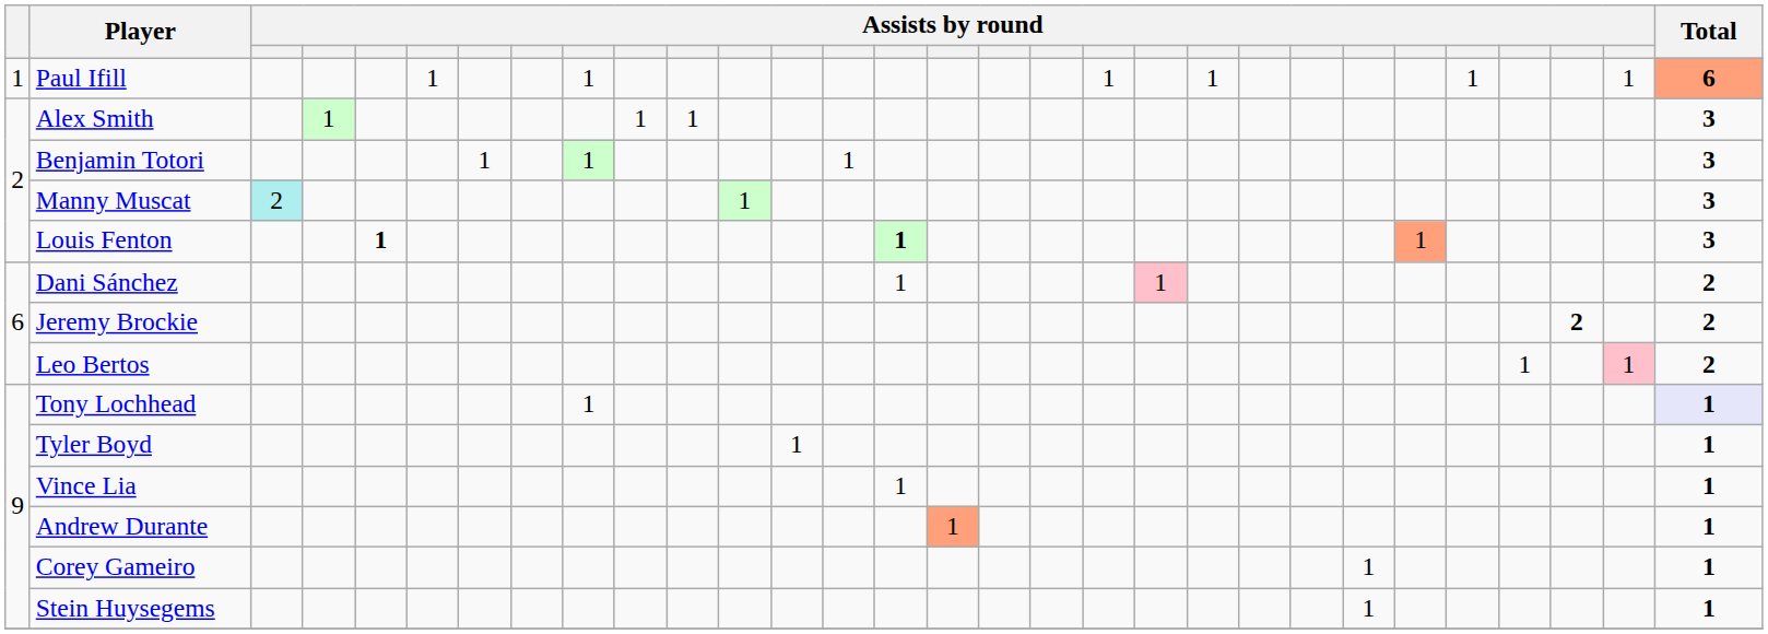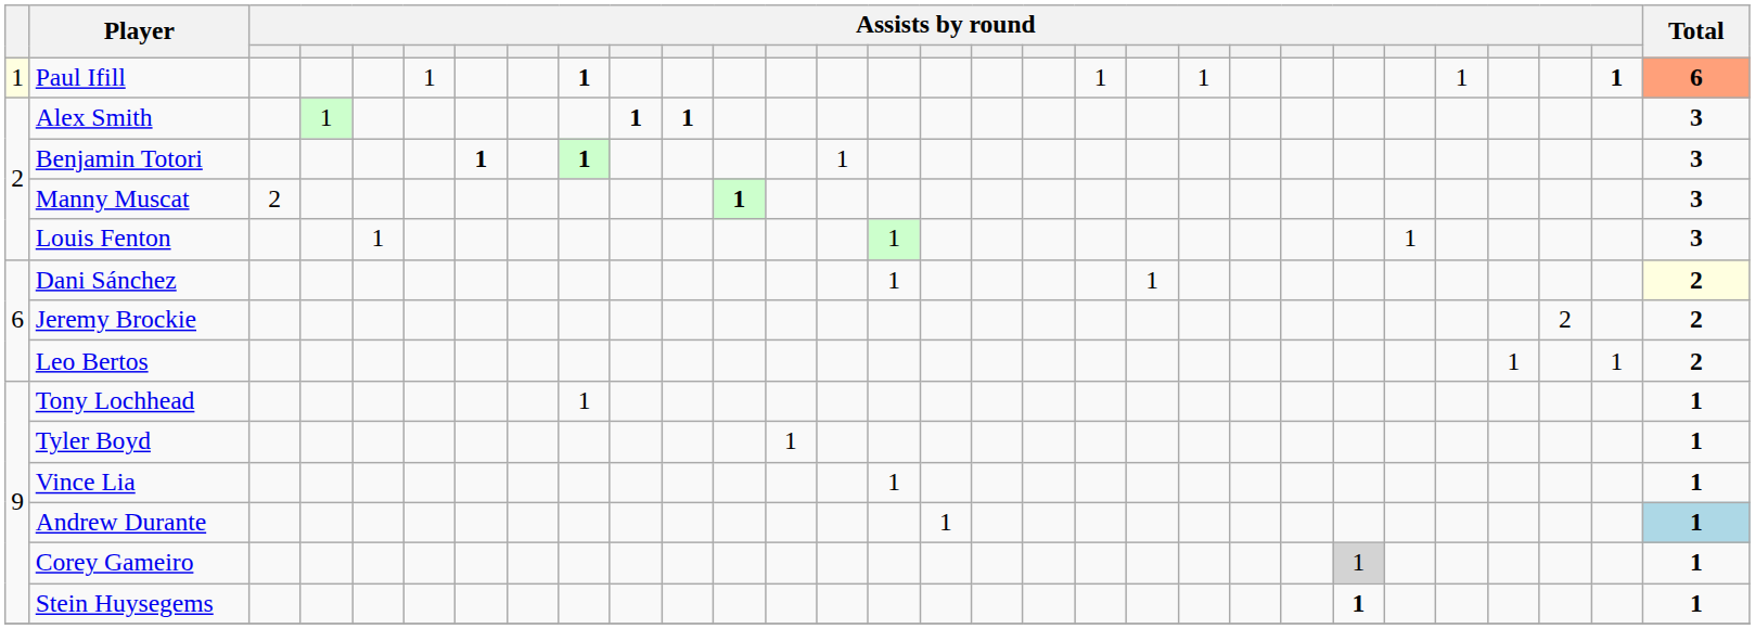 <table class="wikitable" style="text-align:center">
 <tr>
 <th rowspan=2></th>
 <th rowspan=2 width=130>Player</th>
 <th colspan=27>Assists by round</th>
 <th rowspan=2 colspan=2 width=60>Total</th>
 </tr>
 <tr>
 <th width=25></th>
 <th width=25></th>
 <th width=25></th>
 <th width=25></th>
 <th width=25></th>
 <th width=25></th>
 <th width=25></th>
 <th width=25></th>
 <th width=25></th>
 <th width=25></th>
 <th width=25></th>
 <th width=25></th>
 <th width=25></th>
 <th width=25></th>
 <th width=25></th>
 <th width=25></th>
 <th width=25></th>
 <th width=25></th>
 <th width=25></th>
 <th width=25></th>
 <th width=25></th>
 <th width=25></th>
 <th width=25></th>
 <th width=25></th>
 <th width=25></th>
 <th width=25></th>
 <th width=25></th>
 </tr>
 <tr>
-<td>1</td>
+<td style="background: lightyellow;">1</td>
 <td align=left height=17> <a href='#'>Paul Ifill</a></td>
 <td></td>
 <td></td>
 <td></td>
 <td>1</td>
 <td></td>
 <td></td>
-<td>1</td>
+<td><strong>1</strong></td>
 <td></td>
 <td></td>
 <td></td>
 <td></td>
 <td></td>
 <td></td>
 <td></td>
 <td></td>
 <td></td>
 <td>1</td>
 <td></td>
 <td>1</td>
 <td></td>
 <td></td>
 <td></td>
 <td></td>
 <td>1</td>
 <td></td>
 <td></td>
-<td>1</td>
+<td><strong>1</strong></td>
 <td style="background: lightsalmon;"><strong>6</strong></td>
 </tr>
 <tr>
 <td rowspan=4>2</td>
 <td align=left height=17> <a href='#'>Alex Smith</a></td>
 <td></td>
 <td bgcolor=#CCFFCC>1</td>
 <td></td>
 <td></td>
 <td></td>
 <td></td>
 <td></td>
-<td>1</td>
-<td>1</td>
+<td><strong>1</strong></td>
+<td><strong>1</strong></td>
 <td></td>
 <td></td>
 <td></td>
 <td></td>
 <td></td>
 <td></td>
 <td></td>
 <td></td>
 <td></td>
 <td></td>
 <td></td>
 <td></td>
 <td></td>
 <td></td>
 <td></td>
 <td></td>
 <td></td>
 <td></td>
 <td><strong>3</strong></td>
 </tr>
 <tr>
 <td align=left height=17> <a href='#'>Benjamin Totori</a></td>
 <td></td>
 <td></td>
 <td></td>
 <td></td>
-<td>1</td>
+<td><strong>1</strong></td>
 <td></td>
-<td bgcolor=#CCFFCC>1</td>
+<td bgcolor=#CCFFCC><strong>1</strong></td>
 <td></td>
 <td></td>
 <td></td>
 <td></td>
 <td>1</td>
 <td></td>
 <td></td>
 <td></td>
 <td></td>
 <td></td>
 <td></td>
 <td></td>
 <td></td>
 <td></td>
 <td></td>
 <td></td>
 <td></td>
 <td></td>
 <td></td>
 <td></td>
 <td><strong>3</strong></td>
 </tr>
 <tr>
 <td align=left height=17> <a href='#'>Manny Muscat</a></td>
-<td style="background: paleturquoise;">2</td>
+<td>2</td>
 <td></td>
 <td></td>
 <td></td>
 <td></td>
 <td></td>
 <td></td>
 <td></td>
 <td></td>
-<td bgcolor=#CCFFCC>1</td>
+<td bgcolor=#CCFFCC><strong>1</strong></td>
 <td></td>
 <td></td>
 <td></td>
 <td></td>
 <td></td>
 <td></td>
 <td></td>
 <td></td>
 <td></td>
 <td></td>
 <td></td>
 <td></td>
 <td></td>
 <td></td>
 <td></td>
 <td></td>
 <td></td>
 <td><strong>3</strong></td>
 </tr>
 <tr>
 <td align=left height=17> <a href='#'>Louis Fenton</a></td>
 <td></td>
 <td></td>
-<td><strong>1</strong></td>
+<td>1</td>
 <td></td>
 <td></td>
 <td></td>
 <td></td>
 <td></td>
 <td></td>
 <td></td>
 <td></td>
 <td></td>
-<td bgcolor=#CCFFCC><strong>1</strong></td>
+<td bgcolor=#CCFFCC>1</td>
 <td></td>
 <td></td>
 <td></td>
 <td></td>
 <td></td>
 <td></td>
 <td></td>
 <td></td>
 <td></td>
-<td style="background: lightsalmon;">1</td>
+<td>1</td>
 <td></td>
 <td></td>
 <td></td>
 <td></td>
 <td><strong>3</strong></td>
 </tr>
 <tr>
 <td rowspan=3>6</td>
 <td align=left height=17> <a href='#'>Dani Sánchez</a></td>
 <td></td>
 <td></td>
 <td></td>
 <td></td>
 <td></td>
 <td></td>
 <td></td>
 <td></td>
 <td></td>
 <td></td>
 <td></td>
 <td></td>
 <td>1</td>
 <td></td>
 <td></td>
 <td></td>
 <td></td>
-<td style="background: pink;">1</td>
+<td>1</td>
 <td></td>
 <td></td>
 <td></td>
 <td></td>
 <td></td>
 <td></td>
 <td></td>
 <td></td>
 <td></td>
-<td><strong>2</strong></td>
+<td style="background: lightyellow;"><strong>2</strong></td>
 </tr>
 <tr>
 <td align=left height=17> <a href='#'>Jeremy Brockie</a></td>
 <td></td>
 <td></td>
 <td></td>
 <td></td>
 <td></td>
 <td></td>
 <td></td>
 <td></td>
 <td></td>
 <td></td>
 <td></td>
 <td></td>
 <td></td>
 <td></td>
 <td></td>
 <td></td>
 <td></td>
 <td></td>
 <td></td>
 <td></td>
 <td></td>
 <td></td>
 <td></td>
 <td></td>
 <td></td>
-<td><strong>2</strong></td>
+<td>2</td>
 <td></td>
 <td><strong>2</strong></td>
 </tr>
 <tr>
 <td align=left height=17> <a href='#'>Leo Bertos</a></td>
 <td></td>
 <td></td>
 <td></td>
 <td></td>
 <td></td>
 <td></td>
 <td></td>
 <td></td>
 <td></td>
 <td></td>
 <td></td>
 <td></td>
 <td></td>
 <td></td>
 <td></td>
 <td></td>
 <td></td>
 <td></td>
 <td></td>
 <td></td>
 <td></td>
 <td></td>
 <td></td>
 <td></td>
 <td>1</td>
 <td></td>
-<td style="background: pink;">1</td>
+<td>1</td>
 <td><strong>2</strong></td>
 </tr>
 <tr>
 <td rowspan=6>9</td>
 <td align=left height=17> <a href='#'>Tony Lochhead</a></td>
 <td></td>
 <td></td>
 <td></td>
 <td></td>
 <td></td>
 <td></td>
 <td>1</td>
 <td></td>
 <td></td>
 <td></td>
 <td></td>
 <td></td>
 <td></td>
 <td></td>
 <td></td>
 <td></td>
 <td></td>
 <td></td>
 <td></td>
 <td></td>
 <td></td>
 <td></td>
 <td></td>
 <td></td>
 <td></td>
 <td></td>
 <td></td>
-<td style="background: lavender;"><strong>1</strong></td>
+<td><strong>1</strong></td>
 </tr>
 <tr>
 <td align=left height=17> <a href='#'>Tyler Boyd</a></td>
 <td></td>
 <td></td>
 <td></td>
 <td></td>
 <td></td>
 <td></td>
 <td></td>
 <td></td>
 <td></td>
 <td></td>
 <td>1</td>
 <td></td>
 <td></td>
 <td></td>
 <td></td>
 <td></td>
 <td></td>
 <td></td>
 <td></td>
 <td></td>
 <td></td>
 <td></td>
 <td></td>
 <td></td>
 <td></td>
 <td></td>
 <td></td>
 <td><strong>1</strong></td>
 </tr>
 <tr>
 <td align=left height=17> <a href='#'>Vince Lia</a></td>
 <td></td>
 <td></td>
 <td></td>
 <td></td>
 <td></td>
 <td></td>
 <td></td>
 <td></td>
 <td></td>
 <td></td>
 <td></td>
 <td></td>
 <td>1</td>
 <td></td>
 <td></td>
 <td></td>
 <td></td>
 <td></td>
 <td></td>
 <td></td>
 <td></td>
 <td></td>
 <td></td>
 <td></td>
 <td></td>
 <td></td>
 <td></td>
 <td><strong>1</strong></td>
 </tr>
 <tr>
 <td align=left height=17> <a href='#'>Andrew Durante</a></td>
 <td></td>
 <td></td>
 <td></td>
 <td></td>
 <td></td>
 <td></td>
 <td></td>
 <td></td>
 <td></td>
 <td></td>
 <td></td>
 <td></td>
 <td></td>
-<td style="background: lightsalmon;">1</td>
+<td>1</td>
 <td></td>
 <td></td>
 <td></td>
 <td></td>
 <td></td>
 <td></td>
 <td></td>
 <td></td>
 <td></td>
 <td></td>
 <td></td>
 <td></td>
 <td></td>
-<td><strong>1</strong></td>
+<td style="background: lightblue;"><strong>1</strong></td>
 </tr>
 <tr>
 <td align=left height=17> <a href='#'>Corey Gameiro</a></td>
 <td></td>
 <td></td>
 <td></td>
 <td></td>
 <td></td>
 <td></td>
 <td></td>
 <td></td>
 <td></td>
 <td></td>
 <td></td>
 <td></td>
 <td></td>
 <td></td>
 <td></td>
 <td></td>
 <td></td>
 <td></td>
 <td></td>
 <td></td>
 <td></td>
-<td>1</td>
+<td style="background: lightgrey;">1</td>
 <td></td>
 <td></td>
 <td></td>
 <td></td>
 <td></td>
 <td><strong>1</strong></td>
 </tr>
 <tr>
 <td align=left height=17> <a href='#'>Stein Huysegems</a></td>
 <td></td>
 <td></td>
 <td></td>
 <td></td>
 <td></td>
 <td></td>
 <td></td>
 <td></td>
 <td></td>
 <td></td>
 <td></td>
 <td></td>
 <td></td>
 <td></td>
 <td></td>
 <td></td>
 <td></td>
 <td></td>
 <td></td>
 <td></td>
 <td></td>
-<td>1</td>
+<td><strong>1</strong></td>
 <td></td>
 <td></td>
 <td></td>
 <td></td>
 <td></td>
 <td><strong>1</strong></td>
 </tr>
 <tr>
 </tr>
 </table>
